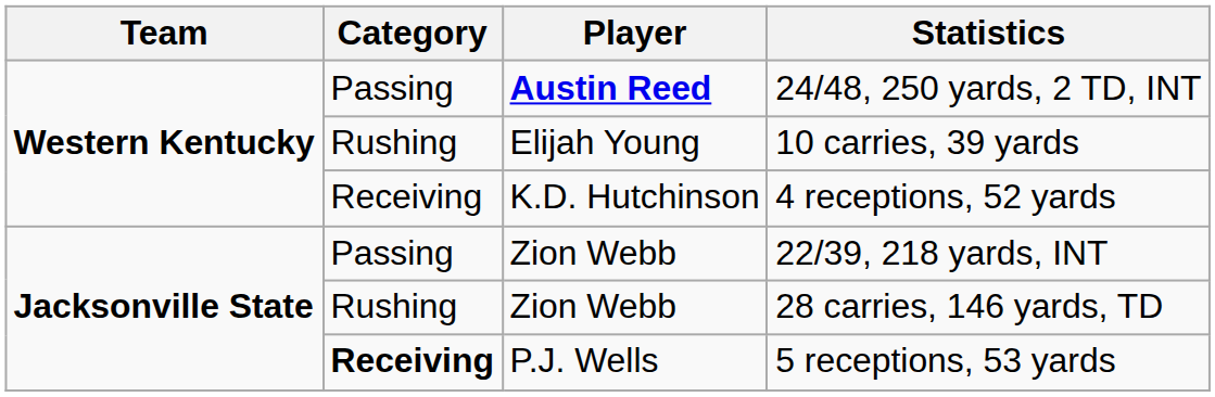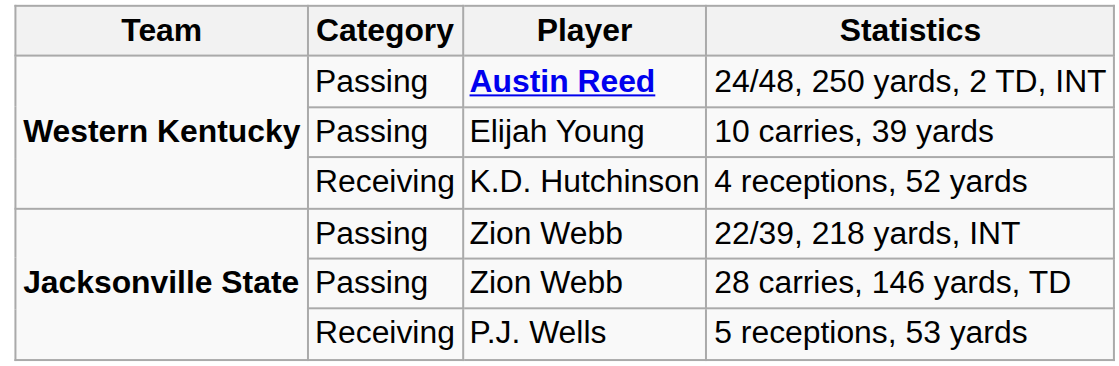 <table class="wikitable" style="float: right;">
 <tr>
 <th>Team</th>
 <th>Category</th>
 <th>Player</th>
 <th>Statistics</th>
 </tr>
 <tr>
 <td rowspan=3><strong>Western Kentucky</strong></td>
 <td>Passing</td>
 <td><strong><a href='#'>Austin Reed</a></strong></td>
 <td>24/48, 250 yards, 2 TD, INT</td>
 </tr>
 <tr>
-<td>Rushing</td>
+<td>Passing</td>
 <td>Elijah Young</td>
 <td>10 carries, 39 yards</td>
 </tr>
 <tr>
 <td>Receiving</td>
 <td>K.D. Hutchinson</td>
 <td>4 receptions, 52 yards</td>
 </tr>
 <tr>
 <td rowspan=3><strong>Jacksonville State</strong></td>
 <td>Passing</td>
 <td>Zion Webb</td>
 <td>22/39, 218 yards, INT</td>
 </tr>
 <tr>
-<td>Rushing</td>
+<td>Passing</td>
 <td>Zion Webb</td>
 <td>28 carries, 146 yards, TD</td>
 </tr>
 <tr>
-<td><strong>Receiving</strong></td>
+<td>Receiving</td>
 <td>P.J. Wells</td>
 <td>5 receptions, 53 yards</td>
 </tr>
 </table>
